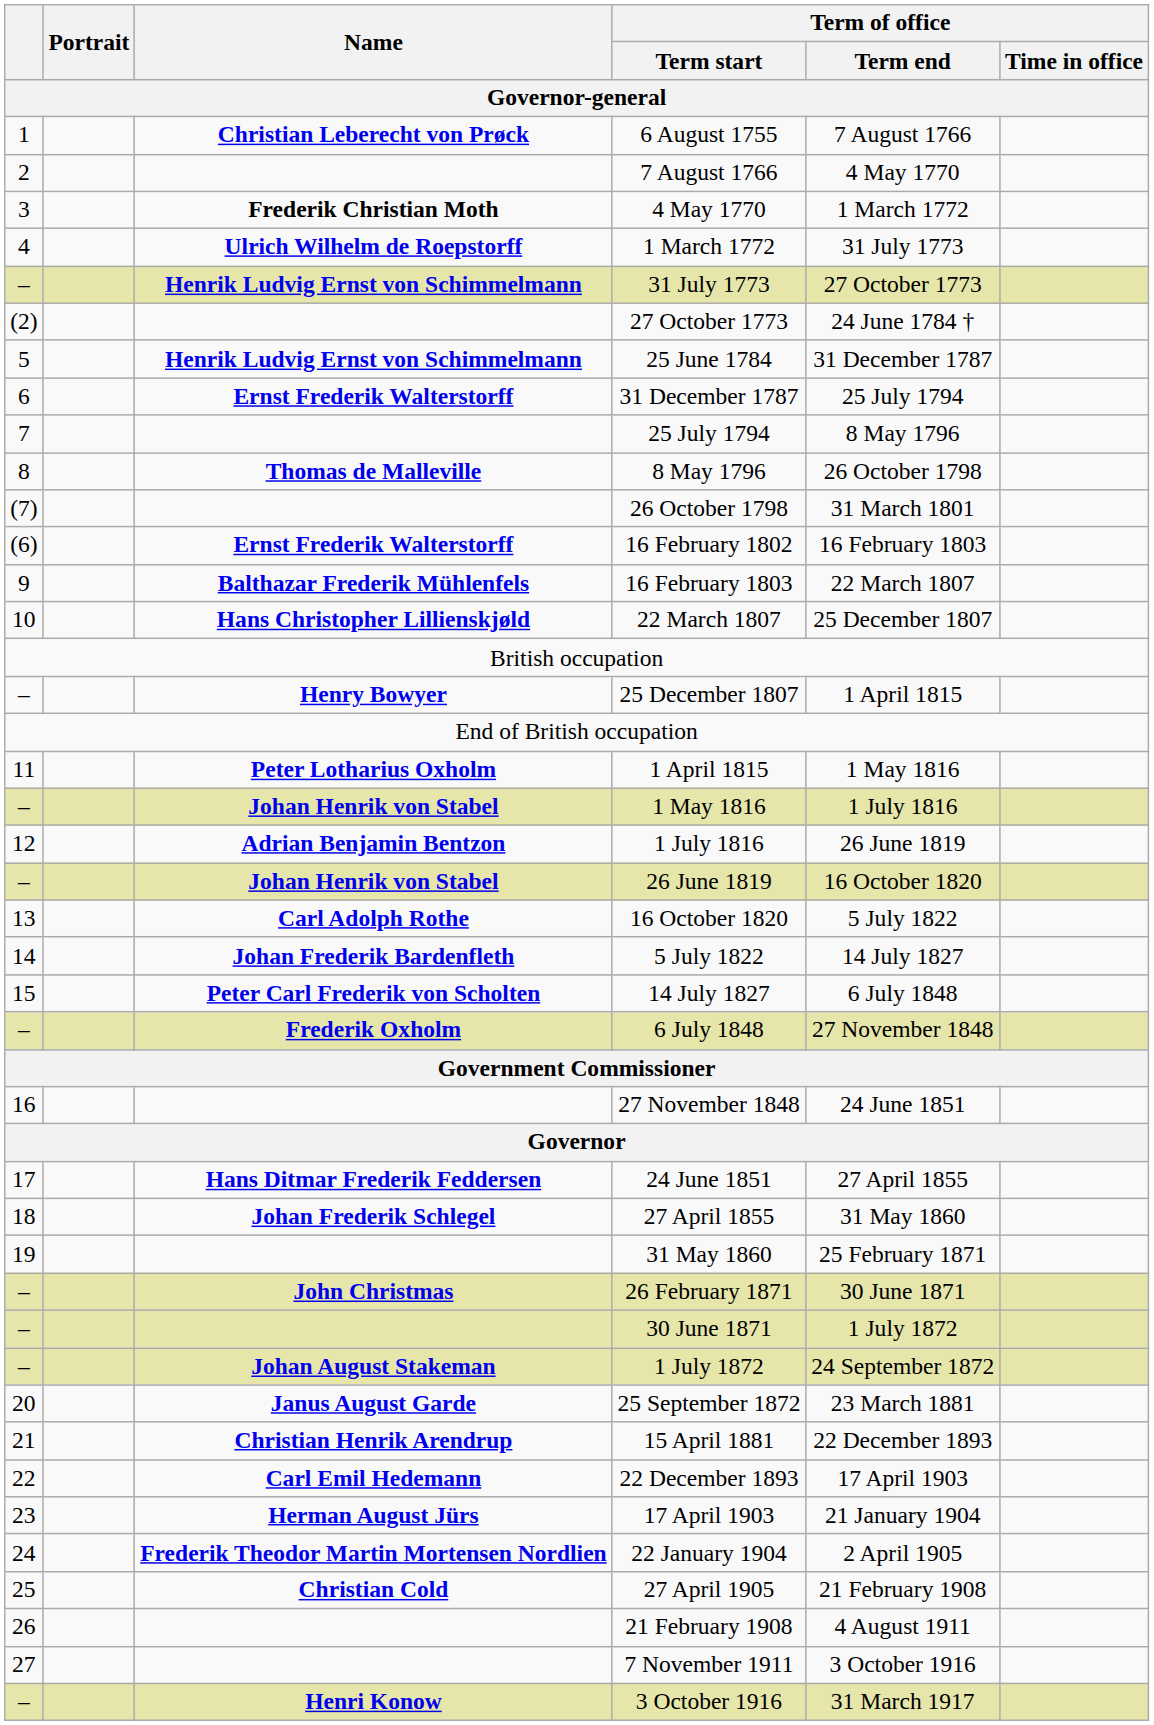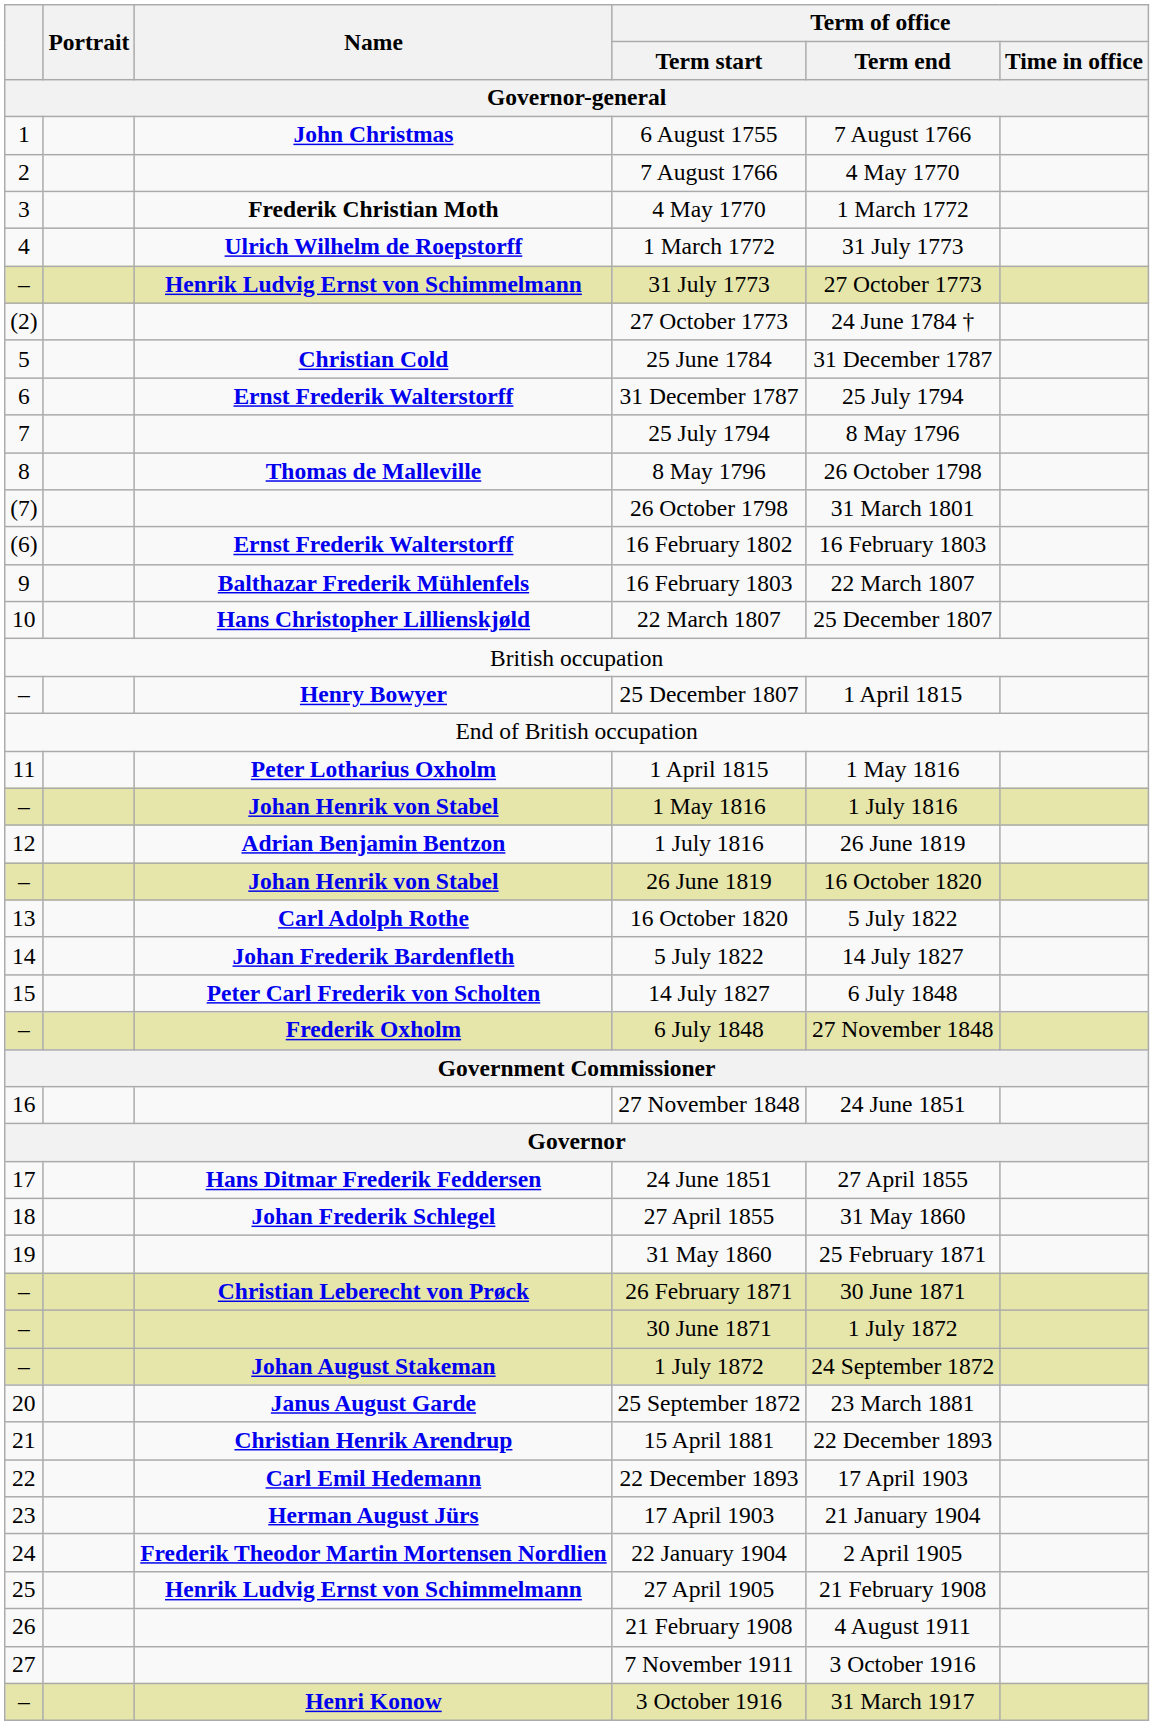 <table class="wikitable" style="text-align:center">
 <tr>
 <th rowspan="2"></th>
 <th rowspan="2">Portrait</th>
 <th rowspan="2">Name<br></th>
 <th colspan="3">Term of office</th>
 </tr>
 <tr>
 <th>Term start</th>
 <th>Term end</th>
 <th>Time in office</th>
 </tr>
 <tr>
 <th colspan="6">Governor-general</th>
 </tr>
 <tr>
 <td>1</td>
 <td></td>
-<td><strong><a href='#'>Christian Leberecht von Prøck</a></strong><br></td>
+<td><strong><a href='#'>John Christmas</a></strong><br></td>
 <td>6 August 1755</td>
 <td>7 August 1766</td>
 <td></td>
 </tr>
 <tr>
 <td>2</td>
 <td></td>
 <td><strong></strong><br></td>
 <td>7 August 1766</td>
 <td>4 May 1770</td>
 <td></td>
 </tr>
 <tr>
 <td>3</td>
 <td></td>
 <td><strong>Frederik Christian Moth</strong><br></td>
 <td>4 May 1770</td>
 <td>1 March 1772</td>
 <td></td>
 </tr>
 <tr>
 <td>4</td>
 <td></td>
 <td><strong><a href='#'>Ulrich Wilhelm de Roepstorff</a></strong><br></td>
 <td>1 March 1772</td>
 <td>31 July 1773</td>
 <td></td>
 </tr>
 <tr style="background:#E6E6AA;">
 <td>–</td>
 <td></td>
 <td><strong><a href='#'>Henrik Ludvig Ernst von Schimmelmann</a></strong><br></td>
 <td>31 July 1773</td>
 <td>27 October 1773</td>
 <td></td>
 </tr>
 <tr>
 <td>(2)</td>
 <td></td>
 <td><strong></strong><br></td>
 <td>27 October 1773</td>
 <td>24 June 1784 †</td>
 <td></td>
 </tr>
 <tr>
 <td>5</td>
 <td></td>
-<td><strong><a href='#'>Henrik Ludvig Ernst von Schimmelmann</a></strong><br></td>
+<td><strong><a href='#'>Christian Cold</a></strong><br></td>
 <td>25 June 1784</td>
 <td>31 December 1787</td>
 <td></td>
 </tr>
 <tr>
 <td>6</td>
 <td></td>
 <td><strong><a href='#'>Ernst Frederik  Walterstorff</a></strong><br></td>
 <td>31 December 1787</td>
 <td>25 July 1794</td>
 <td></td>
 </tr>
 <tr>
 <td>7</td>
 <td></td>
 <td><strong></strong><br></td>
 <td>25 July 1794</td>
 <td>8 May 1796</td>
 <td></td>
 </tr>
 <tr>
 <td>8</td>
 <td></td>
 <td><strong><a href='#'>Thomas de Malleville</a></strong><br></td>
 <td>8 May 1796</td>
 <td>26 October 1798</td>
 <td></td>
 </tr>
 <tr>
 <td>(7)</td>
 <td></td>
 <td><strong></strong><br></td>
 <td>26 October 1798</td>
 <td>31 March 1801</td>
 <td></td>
 </tr>
 <tr>
 <td>(6)</td>
 <td></td>
 <td><strong><a href='#'>Ernst Frederik  Walterstorff</a></strong><br></td>
 <td>16 February 1802</td>
 <td>16 February 1803</td>
 <td></td>
 </tr>
 <tr>
 <td>9</td>
 <td></td>
 <td><strong><a href='#'>Balthazar Frederik Mühlenfels</a></strong><br></td>
 <td>16 February 1803</td>
 <td>22 March 1807</td>
 <td></td>
 </tr>
 <tr>
 <td>10</td>
 <td></td>
 <td><strong><a href='#'>Hans Christopher Lillienskjøld</a></strong><br></td>
 <td>22 March 1807</td>
 <td>25 December 1807</td>
 <td></td>
 </tr>
 <tr>
 <td colspan="6">British occupation</td>
 </tr>
 <tr>
 <td>–</td>
 <td></td>
 <td><strong><a href='#'>Henry Bowyer</a></strong></td>
 <td>25 December 1807</td>
 <td>1 April 1815</td>
 <td></td>
 </tr>
 <tr>
 <td colspan="6">End of British occupation</td>
 </tr>
 <tr>
 <td>11</td>
 <td></td>
 <td><strong><a href='#'>Peter Lotharius Oxholm</a></strong><br></td>
 <td>1 April 1815</td>
 <td>1 May 1816</td>
 <td></td>
 </tr>
 <tr style="background:#E6E6AA;">
 <td>–</td>
 <td></td>
 <td><strong><a href='#'>Johan Henrik von Stabel</a></strong><br></td>
 <td>1 May 1816</td>
 <td>1 July 1816</td>
 <td></td>
 </tr>
 <tr>
 <td>12</td>
 <td></td>
 <td><strong><a href='#'>Adrian Benjamin Bentzon</a></strong><br></td>
 <td>1 July 1816</td>
 <td>26 June 1819</td>
 <td></td>
 </tr>
 <tr style="background:#E6E6AA;">
 <td>–</td>
 <td></td>
 <td><strong><a href='#'>Johan Henrik von Stabel</a></strong><br></td>
 <td>26 June 1819</td>
 <td>16 October 1820</td>
 <td></td>
 </tr>
 <tr>
 <td>13</td>
 <td></td>
 <td><strong><a href='#'>Carl Adolph Rothe</a></strong><br></td>
 <td>16 October 1820</td>
 <td>5 July 1822</td>
 <td></td>
 </tr>
 <tr>
 <td>14</td>
 <td></td>
 <td><strong><a href='#'>Johan Frederik Bardenfleth</a></strong><br></td>
 <td>5 July 1822</td>
 <td>14 July 1827</td>
 <td></td>
 </tr>
 <tr>
 <td>15</td>
 <td></td>
 <td><strong><a href='#'>Peter Carl Frederik von Scholten</a></strong><br></td>
 <td>14 July 1827</td>
 <td>6 July 1848</td>
 <td></td>
 </tr>
 <tr style="background:#E6E6AA;">
 <td>–</td>
 <td></td>
 <td><strong><a href='#'>Frederik Oxholm</a></strong><br></td>
 <td>6 July 1848</td>
 <td>27 November 1848</td>
 <td></td>
 </tr>
 <tr>
 <th colspan="6">Government Commissioner</th>
 </tr>
 <tr>
 <td>16</td>
 <td></td>
 <td><strong></strong><br></td>
 <td>27 November 1848</td>
 <td>24 June 1851</td>
 <td></td>
 </tr>
 <tr>
 <th colspan="6">Governor</th>
 </tr>
 <tr>
 <td>17</td>
 <td></td>
 <td><strong><a href='#'>Hans Ditmar Frederik Feddersen</a></strong><br></td>
 <td>24 June 1851</td>
 <td>27 April 1855</td>
 <td></td>
 </tr>
 <tr>
 <td>18</td>
 <td></td>
 <td><strong><a href='#'>Johan Frederik Schlegel</a></strong><br></td>
 <td>27 April 1855</td>
 <td>31 May 1860</td>
 <td></td>
 </tr>
 <tr>
 <td>19</td>
 <td></td>
 <td><strong></strong><br></td>
 <td>31 May 1860</td>
 <td>25 February 1871</td>
 <td></td>
 </tr>
 <tr style="background:#E6E6AA;">
 <td>–</td>
 <td></td>
-<td><strong><a href='#'>John Christmas</a></strong><br></td>
+<td><strong><a href='#'>Christian Leberecht von Prøck</a></strong><br></td>
 <td>26 February 1871</td>
 <td>30 June 1871</td>
 <td></td>
 </tr>
 <tr style="background:#E6E6AA;">
 <td>–</td>
 <td></td>
 <td><strong></strong><br></td>
 <td>30 June 1871</td>
 <td>1 July 1872</td>
 <td></td>
 </tr>
 <tr style="background:#E6E6AA;">
 <td>–</td>
 <td></td>
 <td><strong><a href='#'>Johan August Stakeman</a></strong><br></td>
 <td>1 July 1872</td>
 <td>24 September 1872</td>
 <td></td>
 </tr>
 <tr>
 <td>20</td>
 <td></td>
 <td><strong><a href='#'>Janus August Garde</a></strong><br></td>
 <td>25 September 1872</td>
 <td>23 March 1881</td>
 <td></td>
 </tr>
 <tr>
 <td>21</td>
 <td></td>
 <td><strong><a href='#'>Christian Henrik Arendrup</a></strong><br></td>
 <td>15 April 1881</td>
 <td>22 December 1893</td>
 <td></td>
 </tr>
 <tr>
 <td>22</td>
 <td></td>
 <td><strong><a href='#'>Carl Emil Hedemann</a></strong><br></td>
 <td>22 December 1893</td>
 <td>17 April 1903</td>
 <td></td>
 </tr>
 <tr>
 <td>23</td>
 <td></td>
 <td><strong><a href='#'>Herman August Jürs</a></strong><br></td>
 <td>17 April 1903</td>
 <td>21 January 1904</td>
 <td></td>
 </tr>
 <tr>
 <td>24</td>
 <td></td>
 <td><strong><a href='#'>Frederik Theodor Martin Mortensen Nordlien</a></strong></td>
 <td>22 January 1904</td>
 <td>2 April 1905</td>
 <td></td>
 </tr>
 <tr>
 <td>25</td>
 <td></td>
-<td><strong><a href='#'>Christian Cold</a></strong><br></td>
+<td><strong><a href='#'>Henrik Ludvig Ernst von Schimmelmann</a></strong><br></td>
 <td>27 April 1905</td>
 <td>21 February 1908</td>
 <td></td>
 </tr>
 <tr>
 <td>26</td>
 <td></td>
 <td><strong></strong><br></td>
 <td>21 February 1908</td>
 <td>4 August 1911</td>
 <td></td>
 </tr>
 <tr>
 <td>27</td>
 <td></td>
 <td><strong></strong><br></td>
 <td>7 November 1911</td>
 <td>3 October 1916</td>
 <td></td>
 </tr>
 <tr style="background:#E6E6AA;">
 <td>–</td>
 <td></td>
 <td><strong><a href='#'>Henri Konow</a></strong><br></td>
 <td>3 October 1916</td>
 <td>31 March 1917</td>
 <td></td>
 </tr>
 </table>
